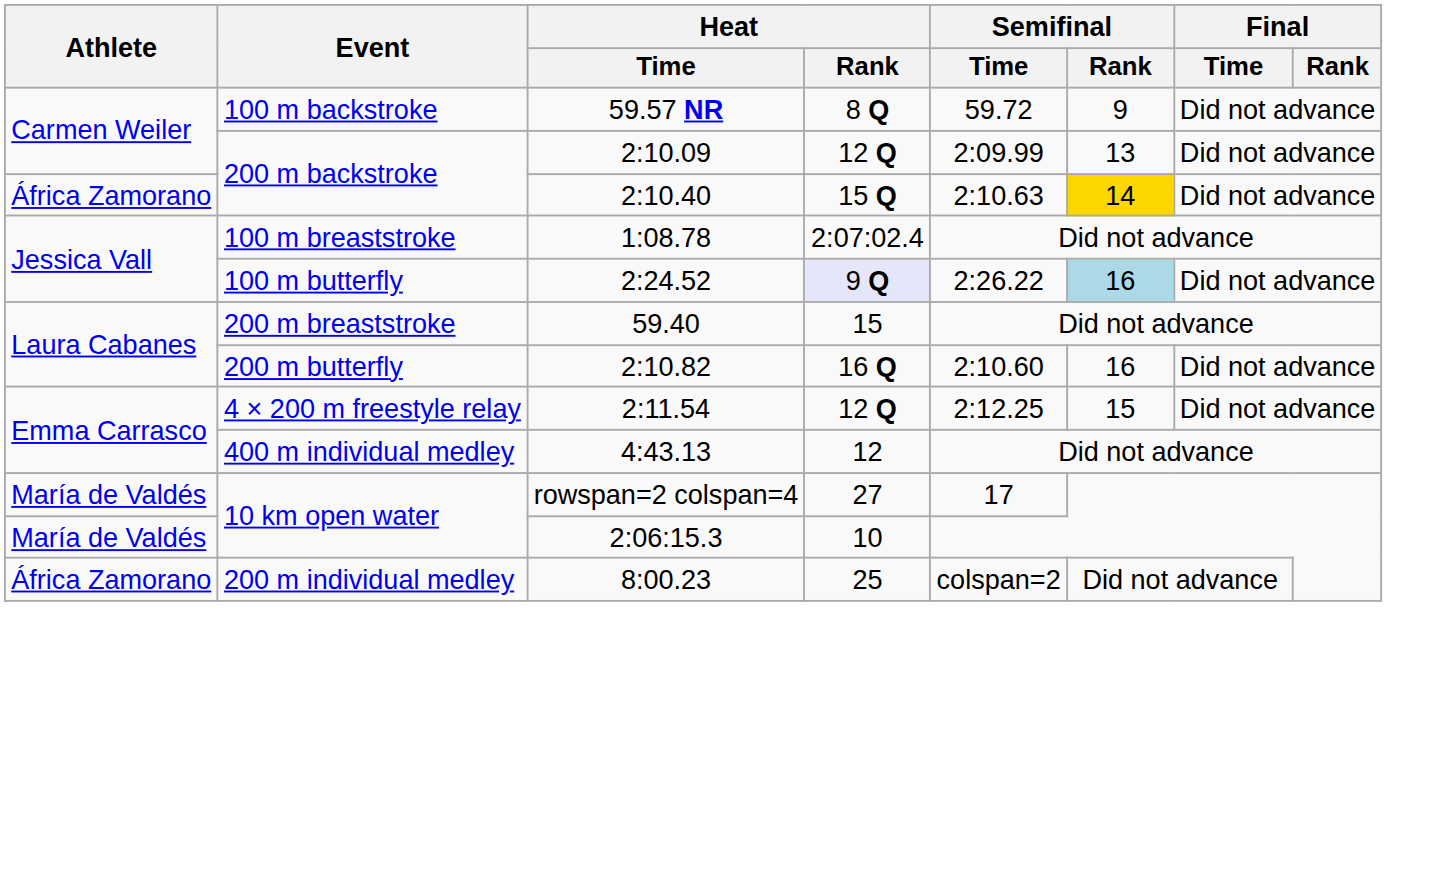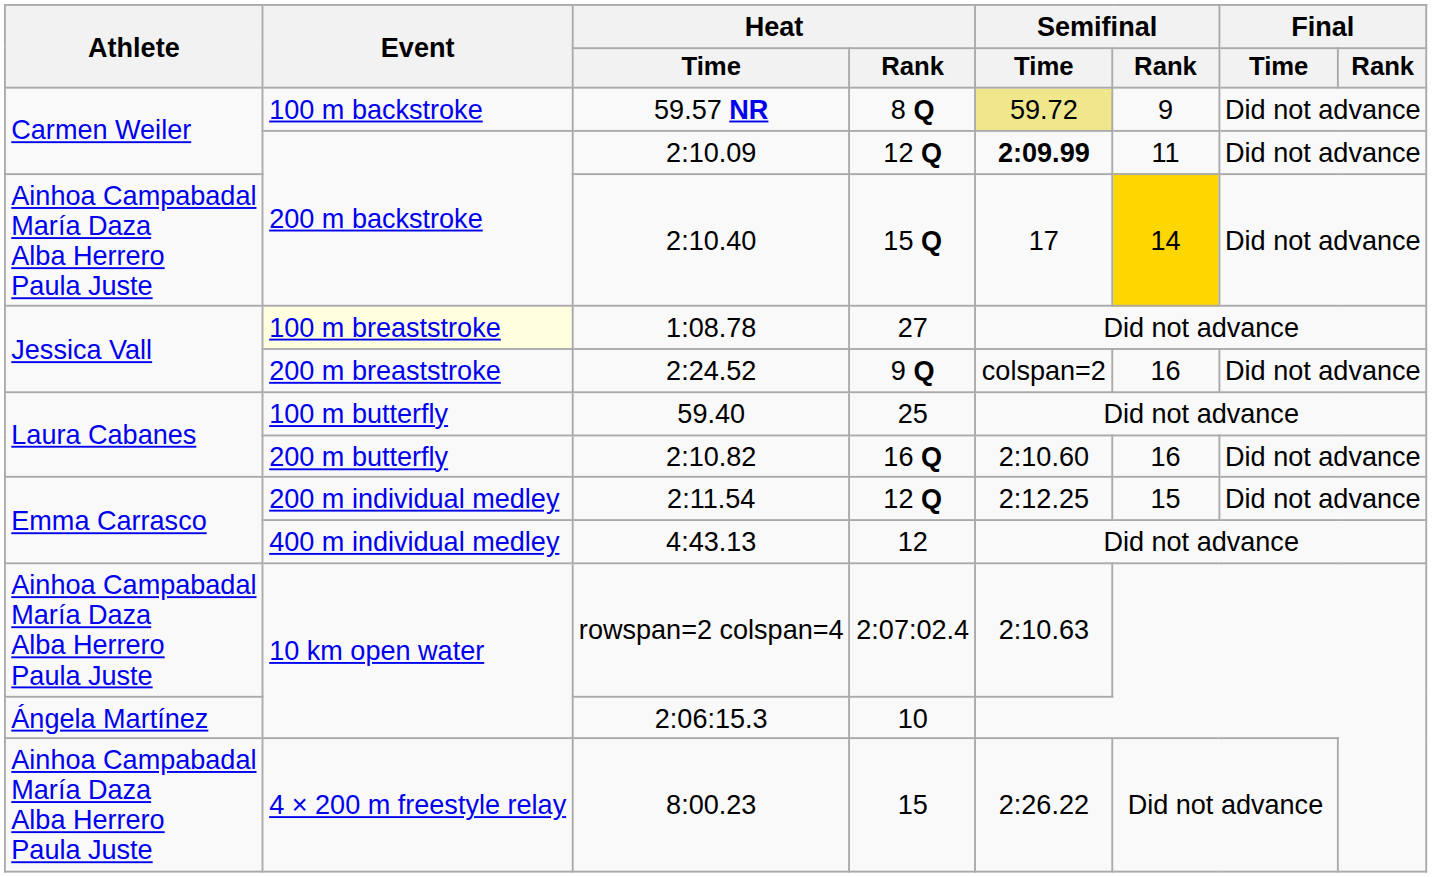 <table class=wikitable style="font-size:90%;">
 <tr>
 <th rowspan=2>Athlete</th>
 <th rowspan=2>Event</th>
 <th colspan=2>Heat</th>
 <th colspan=2>Semifinal</th>
 <th colspan=2>Final</th>
 </tr>
 <tr style="font-size:95%">
 <th>Time</th>
 <th>Rank</th>
 <th>Time</th>
 <th>Rank</th>
 <th>Time</th>
 <th>Rank</th>
 </tr>
 <tr align=center>
 <td align=left rowspan=2><a href='#'>Carmen Weiler</a></td>
 <td align=left><a href='#'>100 m backstroke</a></td>
 <td>59.57 <strong><a href='#'>NR</a></strong></td>
 <td>8 <strong>Q</strong></td>
-<td>59.72</td>
+<td style="background: khaki;">59.72</td>
 <td>9</td>
 <td colspan=2>Did not advance</td>
 </tr>
 <tr align=center>
 <td align=left rowspan=2><a href='#'>200 m backstroke</a></td>
 <td>2:10.09</td>
 <td>12 <strong>Q</strong></td>
-<td>2:09.99</td>
-<td>13</td>
+<td><strong>2:09.99</strong></td>
+<td>11</td>
 <td colspan=2>Did not advance</td>
 </tr>
 <tr align=center>
-<td align=left><a href='#'>África Zamorano</a></td>
+<td align=left><a href='#'>Ainhoa Campabadal</a><br><a href='#'>María Daza</a><br><a href='#'>Alba Herrero</a><br><a href='#'>Paula Juste</a></td>
 <td>2:10.40</td>
 <td>15 <strong>Q</strong></td>
-<td>2:10.63</td>
+<td>17</td>
 <td style="background: gold;">14</td>
 <td colspan=2>Did not advance</td>
 </tr>
 <tr align=center>
 <td align=left rowspan=2><a href='#'>Jessica Vall</a></td>
-<td align=left><a href='#'>100 m breaststroke</a></td>
+<td align=left style="background: lightyellow;"><a href='#'>100 m breaststroke</a></td>
 <td>1:08.78</td>
-<td>2:07:02.4</td>
+<td>27</td>
 <td colspan=4>Did not advance</td>
 </tr>
 <tr align=center>
-<td align=left><a href='#'>100 m butterfly</a></td>
+<td align=left><a href='#'>200 m breaststroke</a></td>
 <td>2:24.52</td>
-<td style="background: lavender;">9 <strong>Q</strong></td>
-<td>2:26.22</td>
-<td style="background: lightblue;">16</td>
+<td>9 <strong>Q</strong></td>
+<td>colspan=2 </td>
+<td>16</td>
 <td colspan=2>Did not advance</td>
 </tr>
 <tr align=center>
 <td align=left rowspan=2><a href='#'>Laura Cabanes</a></td>
-<td align=left><a href='#'>200 m breaststroke</a></td>
+<td align=left><a href='#'>100 m butterfly</a></td>
 <td>59.40</td>
-<td>15</td>
+<td>25</td>
 <td colspan=4>Did not advance</td>
 </tr>
 <tr align=center>
 <td align=left><a href='#'>200 m butterfly</a></td>
 <td>2:10.82</td>
 <td>16 <strong>Q</strong></td>
 <td>2:10.60</td>
 <td>16</td>
 <td colspan=2>Did not advance</td>
 </tr>
 <tr align=center>
 <td align=left rowspan=2><a href='#'>Emma Carrasco</a></td>
-<td align=left><a href='#'>4 × 200 m freestyle relay</a></td>
+<td align=left><a href='#'>200 m individual medley</a></td>
 <td>2:11.54</td>
 <td>12 <strong>Q</strong></td>
 <td>2:12.25</td>
 <td>15</td>
 <td colspan=2>Did not advance</td>
 </tr>
 <tr align=center>
 <td align=left><a href='#'>400 m individual medley</a></td>
 <td>4:43.13</td>
 <td>12</td>
 <td colspan=4>Did not advance</td>
 </tr>
 <tr align=center>
-<td align=left><a href='#'>María de Valdés</a></td>
+<td align=left><a href='#'>Ainhoa Campabadal</a><br><a href='#'>María Daza</a><br><a href='#'>Alba Herrero</a><br><a href='#'>Paula Juste</a></td>
 <td align=left rowspan=2><a href='#'>10 km open water</a></td>
 <td>rowspan=2 colspan=4 </td>
-<td>27</td>
-<td>17</td>
+<td>2:07:02.4</td>
+<td>2:10.63</td>
 </tr>
 <tr align=center>
-<td align=left><a href='#'>María de Valdés</a></td>
+<td align=left><a href='#'>Ángela Martínez</a></td>
 <td>2:06:15.3</td>
 <td>10</td>
 </tr>
 <tr align=center>
-<td align=left><a href='#'>África Zamorano</a></td>
-<td align=left><a href='#'>200 m individual medley</a></td>
+<td align=left><a href='#'>Ainhoa Campabadal</a><br><a href='#'>María Daza</a><br><a href='#'>Alba Herrero</a><br><a href='#'>Paula Juste</a></td>
+<td align=left><a href='#'>4 × 200 m freestyle relay</a></td>
 <td>8:00.23</td>
-<td>25</td>
-<td>colspan=2 </td>
+<td>15</td>
+<td>2:26.22</td>
 <td colspan=2>Did not advance</td>
 </tr>
 </table>
